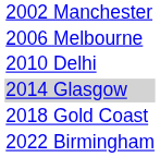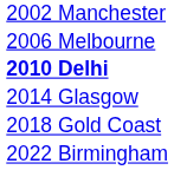 <table>
 <tr>
 <td><a href='#'>2002 Manchester</a><br></td>
 <td></td>
 <td></td>
 <td></td>
 </tr>
 <tr>
 <td><a href='#'>2006 Melbourne</a><br></td>
 <td></td>
 <td></td>
 <td></td>
 </tr>
 <tr>
-<td><a href='#'>2010 Delhi</a><br></td>
+<td><strong><a href='#'>2010 Delhi</a><br></strong></td>
 <td></td>
 <td></td>
 <td></td>
 </tr>
 <tr>
-<td style="background: lightgrey;"><a href='#'>2014 Glasgow</a><br></td>
+<td><a href='#'>2014 Glasgow</a><br></td>
 <td></td>
 <td></td>
 <td></td>
 </tr>
 <tr>
 <td><a href='#'>2018 Gold Coast</a><br></td>
 <td></td>
 <td></td>
 <td></td>
 </tr>
 <tr>
 <td><a href='#'>2022 Birmingham</a><br></td>
 <td></td>
 <td></td>
 <td></td>
 </tr>
 </table>
